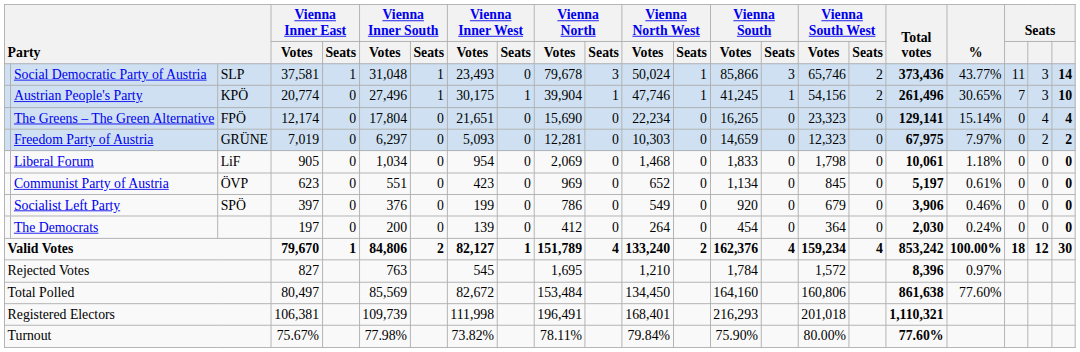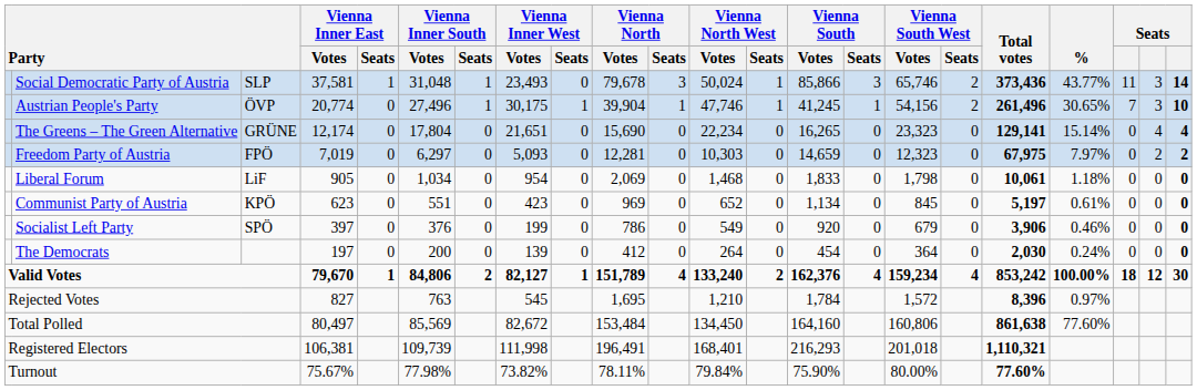 <table class="wikitable" border="1" style="text-align:right;">
 <tr>
 <th style="text-align:left;" valign=bottom rowspan=2 colspan=3>Party</th>
 <th align=center valign=bottom colspan=2><a href='#'>Vienna<br>Inner East</a></th>
 <th align=center valign=bottom colspan=2><a href='#'>Vienna<br>Inner South</a></th>
 <th align=center valign=bottom colspan=2><a href='#'>Vienna<br>Inner West</a></th>
 <th align=center valign=bottom colspan=2><a href='#'>Vienna<br>North</a></th>
 <th align=center valign=bottom colspan=2><a href='#'>Vienna<br>North West</a></th>
 <th align=center valign=bottom colspan=2><a href='#'>Vienna<br>South</a></th>
 <th align=center valign=bottom colspan=2><a href='#'>Vienna<br>South West</a></th>
 <th align=center valign=bottom rowspan=2 width="50">Total<br>votes</th>
 <th align=center valign=bottom rowspan=2 width="50">%</th>
 <th align=center valign=bottom colspan=3>Seats</th>
 </tr>
 <tr>
 <th>Votes</th>
 <th>Seats</th>
 <th>Votes</th>
 <th>Seats</th>
 <th>Votes</th>
 <th>Seats</th>
 <th>Votes</th>
 <th>Seats</th>
 <th>Votes</th>
 <th>Seats</th>
 <th>Votes</th>
 <th>Seats</th>
 <th>Votes</th>
 <th>Seats</th>
 <th align=center valign=bottom width="20"><small></small></th>
 <th align=center valign=bottom width="20"><small></small></th>
 <th align=center valign=bottom width="20"><small></small></th>
 </tr>
 <tr style="background:#CEE0F2;">
 <td></td>
 <td align=left><a href='#'>Social Democratic Party of Austria</a></td>
 <td align=left>SLP</td>
 <td>37,581</td>
 <td>1</td>
 <td>31,048</td>
 <td>1</td>
 <td>23,493</td>
 <td>0</td>
 <td>79,678</td>
 <td>3</td>
 <td>50,024</td>
 <td>1</td>
 <td>85,866</td>
 <td>3</td>
 <td>65,746</td>
 <td>2</td>
 <td><strong>373,436</strong></td>
 <td>43.77%</td>
 <td>11</td>
 <td>3</td>
 <td><strong>14</strong></td>
 </tr>
 <tr style="background:#CEE0F2;">
 <td></td>
 <td align=left><a href='#'>Austrian People's Party</a></td>
-<td align=left>KPÖ</td>
+<td align=left>ÖVP</td>
 <td>20,774</td>
 <td>0</td>
 <td>27,496</td>
 <td>1</td>
 <td>30,175</td>
 <td>1</td>
 <td>39,904</td>
 <td>1</td>
 <td>47,746</td>
 <td>1</td>
 <td>41,245</td>
 <td>1</td>
 <td>54,156</td>
 <td>2</td>
 <td><strong>261,496</strong></td>
 <td>30.65%</td>
 <td>7</td>
 <td>3</td>
 <td><strong>10</strong></td>
 </tr>
 <tr style="background:#CEE0F2;">
 <td></td>
 <td align=left style="white-space: nowrap;"><a href='#'>The Greens – The Green Alternative</a></td>
-<td align=left>FPÖ</td>
+<td align=left>GRÜNE</td>
 <td>12,174</td>
 <td>0</td>
 <td>17,804</td>
 <td>0</td>
 <td>21,651</td>
 <td>0</td>
 <td>15,690</td>
 <td>0</td>
 <td>22,234</td>
 <td>0</td>
 <td>16,265</td>
 <td>0</td>
 <td>23,323</td>
 <td>0</td>
 <td><strong>129,141</strong></td>
 <td>15.14%</td>
 <td>0</td>
 <td>4</td>
 <td><strong>4</strong></td>
 </tr>
 <tr style="background:#CEE0F2;">
 <td></td>
 <td align=left><a href='#'>Freedom Party of Austria</a></td>
-<td align=left>GRÜNE</td>
+<td align=left>FPÖ</td>
 <td>7,019</td>
 <td>0</td>
 <td>6,297</td>
 <td>0</td>
 <td>5,093</td>
 <td>0</td>
 <td>12,281</td>
 <td>0</td>
 <td>10,303</td>
 <td>0</td>
 <td>14,659</td>
 <td>0</td>
 <td>12,323</td>
 <td>0</td>
 <td><strong>67,975</strong></td>
 <td>7.97%</td>
 <td>0</td>
 <td>2</td>
 <td><strong>2</strong></td>
 </tr>
 <tr>
 <td></td>
 <td align=left><a href='#'>Liberal Forum</a></td>
 <td align=left>LiF</td>
 <td>905</td>
 <td>0</td>
 <td>1,034</td>
 <td>0</td>
 <td>954</td>
 <td>0</td>
 <td>2,069</td>
 <td>0</td>
 <td>1,468</td>
 <td>0</td>
 <td>1,833</td>
 <td>0</td>
 <td>1,798</td>
 <td>0</td>
 <td><strong>10,061</strong></td>
 <td>1.18%</td>
 <td>0</td>
 <td>0</td>
 <td><strong>0</strong></td>
 </tr>
 <tr>
 <td></td>
 <td align=left><a href='#'>Communist Party of Austria</a></td>
-<td align=left>ÖVP</td>
+<td align=left>KPÖ</td>
 <td>623</td>
 <td>0</td>
 <td>551</td>
 <td>0</td>
 <td>423</td>
 <td>0</td>
 <td>969</td>
 <td>0</td>
 <td>652</td>
 <td>0</td>
 <td>1,134</td>
 <td>0</td>
 <td>845</td>
 <td>0</td>
 <td><strong>5,197</strong></td>
 <td>0.61%</td>
 <td>0</td>
 <td>0</td>
 <td><strong>0</strong></td>
 </tr>
 <tr>
 <td></td>
 <td align=left><a href='#'>Socialist Left Party</a></td>
 <td align=left>SPÖ</td>
 <td>397</td>
 <td>0</td>
 <td>376</td>
 <td>0</td>
 <td>199</td>
 <td>0</td>
 <td>786</td>
 <td>0</td>
 <td>549</td>
 <td>0</td>
 <td>920</td>
 <td>0</td>
 <td>679</td>
 <td>0</td>
 <td><strong>3,906</strong></td>
 <td>0.46%</td>
 <td>0</td>
 <td>0</td>
 <td><strong>0</strong></td>
 </tr>
 <tr>
 <td></td>
 <td align=left><a href='#'>The Democrats</a></td>
 <td align=left></td>
 <td>197</td>
 <td>0</td>
 <td>200</td>
 <td>0</td>
 <td>139</td>
 <td>0</td>
 <td>412</td>
 <td>0</td>
 <td>264</td>
 <td>0</td>
 <td>454</td>
 <td>0</td>
 <td>364</td>
 <td>0</td>
 <td><strong>2,030</strong></td>
 <td>0.24%</td>
 <td>0</td>
 <td>0</td>
 <td><strong>0</strong></td>
 </tr>
 <tr style="font-weight:bold">
 <td align=left colspan=3>Valid Votes</td>
 <td>79,670</td>
 <td>1</td>
 <td>84,806</td>
 <td>2</td>
 <td>82,127</td>
 <td>1</td>
 <td>151,789</td>
 <td>4</td>
 <td>133,240</td>
 <td>2</td>
 <td>162,376</td>
 <td>4</td>
 <td>159,234</td>
 <td>4</td>
 <td>853,242</td>
 <td>100.00%</td>
 <td>18</td>
 <td>12</td>
 <td>30</td>
 </tr>
 <tr>
 <td align=left colspan=3>Rejected Votes</td>
 <td>827</td>
 <td></td>
 <td>763</td>
 <td></td>
 <td>545</td>
 <td></td>
 <td>1,695</td>
 <td></td>
 <td>1,210</td>
 <td></td>
 <td>1,784</td>
 <td></td>
 <td>1,572</td>
 <td></td>
 <td><strong>8,396</strong></td>
 <td>0.97%</td>
 <td></td>
 <td></td>
 <td></td>
 </tr>
 <tr>
 <td align=left colspan=3>Total Polled</td>
 <td>80,497</td>
 <td></td>
 <td>85,569</td>
 <td></td>
 <td>82,672</td>
 <td></td>
 <td>153,484</td>
 <td></td>
 <td>134,450</td>
 <td></td>
 <td>164,160</td>
 <td></td>
 <td>160,806</td>
 <td></td>
 <td><strong>861,638</strong></td>
 <td>77.60%</td>
 <td></td>
 <td></td>
 <td></td>
 </tr>
 <tr>
 <td align=left colspan=3>Registered Electors</td>
 <td>106,381</td>
 <td></td>
 <td>109,739</td>
 <td></td>
 <td>111,998</td>
 <td></td>
 <td>196,491</td>
 <td></td>
 <td>168,401</td>
 <td></td>
 <td>216,293</td>
 <td></td>
 <td>201,018</td>
 <td></td>
 <td><strong>1,110,321</strong></td>
 <td></td>
 <td></td>
 <td></td>
 <td></td>
 </tr>
 <tr>
 <td align=left colspan=3>Turnout</td>
 <td>75.67%</td>
 <td></td>
 <td>77.98%</td>
 <td></td>
 <td>73.82%</td>
 <td></td>
 <td>78.11%</td>
 <td></td>
 <td>79.84%</td>
 <td></td>
 <td>75.90%</td>
 <td></td>
 <td>80.00%</td>
 <td></td>
 <td><strong>77.60%</strong></td>
 <td></td>
 <td></td>
 <td></td>
 <td></td>
 </tr>
 </table>
